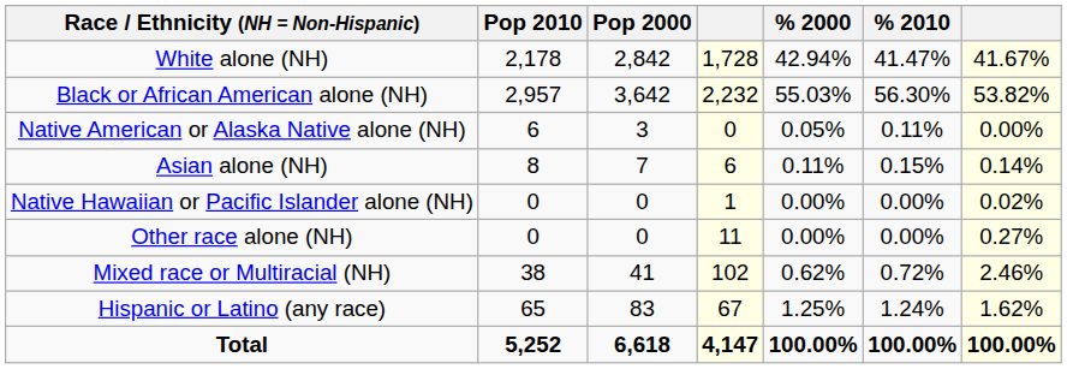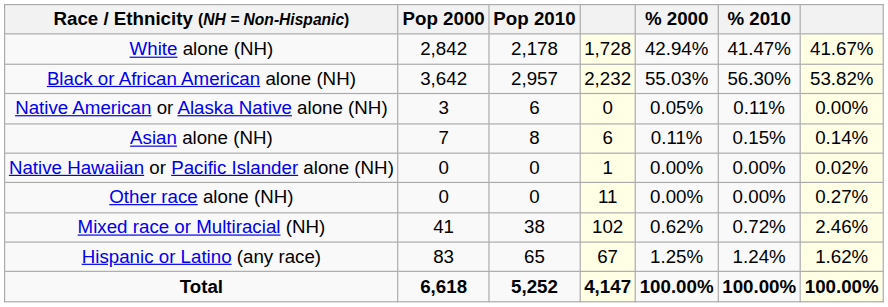 <table class="wikitable" style="text-align:center;">
 <tr>
 <th>Race / Ethnicity <small>(<em>NH = Non-Hispanic</em>)</small></th>
+<th>Pop 2000</th>
 <th>Pop 2010</th>
-<th>Pop 2000</th>
 <th></th>
 <th>% 2000</th>
 <th>% 2010</th>
 <th></th>
 </tr>
 <tr>
 <td><a href='#'>White</a> alone (NH)</td>
+<td>2,842</td>
 <td>2,178</td>
-<td>2,842</td>
 <td style='background: #ffffe6;'>1,728</td>
 <td>42.94%</td>
 <td>41.47%</td>
 <td style='background: #ffffe6;'>41.67%</td>
 </tr>
 <tr>
 <td><a href='#'>Black or African American</a> alone (NH)</td>
+<td>3,642</td>
 <td>2,957</td>
-<td>3,642</td>
 <td style='background: #ffffe6;'>2,232</td>
 <td>55.03%</td>
 <td>56.30%</td>
 <td style='background: #ffffe6;'>53.82%</td>
 </tr>
 <tr>
 <td><a href='#'>Native American</a> or <a href='#'>Alaska Native</a> alone (NH)</td>
+<td>3</td>
 <td>6</td>
-<td>3</td>
 <td style='background: #ffffe6;'>0</td>
 <td>0.05%</td>
 <td>0.11%</td>
 <td style='background: #ffffe6;'>0.00%</td>
 </tr>
 <tr>
 <td><a href='#'>Asian</a> alone (NH)</td>
+<td>7</td>
 <td>8</td>
-<td>7</td>
 <td style='background: #ffffe6;'>6</td>
 <td>0.11%</td>
 <td>0.15%</td>
 <td style='background: #ffffe6;'>0.14%</td>
 </tr>
 <tr>
 <td><a href='#'>Native Hawaiian</a> or <a href='#'>Pacific Islander</a> alone (NH)</td>
 <td>0</td>
 <td>0</td>
 <td style='background: #ffffe6;'>1</td>
 <td>0.00%</td>
 <td>0.00%</td>
 <td style='background: #ffffe6;'>0.02%</td>
 </tr>
 <tr>
 <td><a href='#'>Other race</a> alone (NH)</td>
 <td>0</td>
 <td>0</td>
 <td style='background: #ffffe6;'>11</td>
 <td>0.00%</td>
 <td>0.00%</td>
 <td style='background: #ffffe6;'>0.27%</td>
 </tr>
 <tr>
 <td><a href='#'>Mixed race or Multiracial</a> (NH)</td>
+<td>41</td>
 <td>38</td>
-<td>41</td>
 <td style='background: #ffffe6;'>102</td>
 <td>0.62%</td>
 <td>0.72%</td>
 <td style='background: #ffffe6;'>2.46%</td>
 </tr>
 <tr>
 <td><a href='#'>Hispanic or Latino</a> (any race)</td>
+<td>83</td>
 <td>65</td>
-<td>83</td>
 <td style='background: #ffffe6;'>67</td>
 <td>1.25%</td>
 <td>1.24%</td>
 <td style='background: #ffffe6;'>1.62%</td>
 </tr>
 <tr>
 <td><strong>Total</strong></td>
+<td><strong>6,618</strong></td>
 <td><strong>5,252</strong></td>
-<td><strong>6,618</strong></td>
 <td style='background: #ffffe6;'><strong>4,147</strong></td>
 <td><strong>100.00%</strong></td>
 <td><strong>100.00%</strong></td>
 <td style='background: #ffffe6;'><strong>100.00%</strong></td>
 </tr>
 </table>
